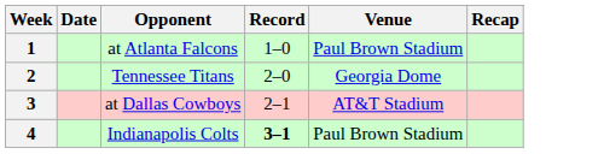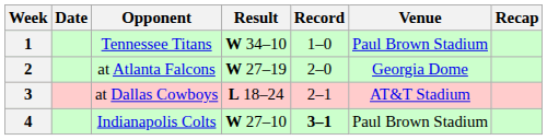 <table class="wikitable" style="text-align:center">
 <tr>
 <th>Week</th>
 <th>Date</th>
 <th>Opponent</th>
+<th>Result</th>
 <th>Record</th>
 <th>Venue</th>
 <th>Recap</th>
 </tr>
 <tr style="background:#cfc">
 <th>1</th>
 <td></td>
-<td>at <a href='#'>Atlanta Falcons</a></td>
+<td><a href='#'>Tennessee Titans</a></td>
+<td><strong>W</strong> 34–10</td>
 <td>1–0</td>
 <td><a href='#'>Paul Brown Stadium</a></td>
 <td></td>
 </tr>
 <tr style="background:#cfc">
 <th>2</th>
 <td></td>
-<td><a href='#'>Tennessee Titans</a></td>
+<td>at <a href='#'>Atlanta Falcons</a></td>
+<td><strong>W</strong> 27–19</td>
 <td>2–0</td>
 <td><a href='#'>Georgia Dome</a></td>
 <td></td>
 </tr>
 <tr style="background:#fcc">
 <th>3</th>
 <td></td>
 <td>at <a href='#'>Dallas Cowboys</a></td>
+<td><strong>L</strong> 18–24</td>
 <td>2–1</td>
 <td><a href='#'>AT&T Stadium</a></td>
 <td></td>
 </tr>
 <tr style="background:#cfc">
 <th>4</th>
 <td></td>
 <td><a href='#'>Indianapolis Colts</a></td>
+<td><strong>W</strong> 27–10</td>
 <td><strong>3–1</strong></td>
 <td>Paul Brown Stadium</td>
 <td></td>
 </tr>
 </table>
